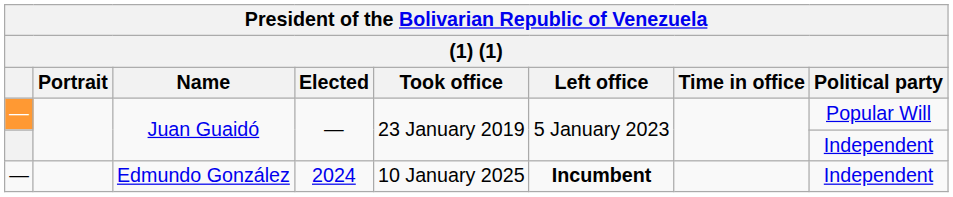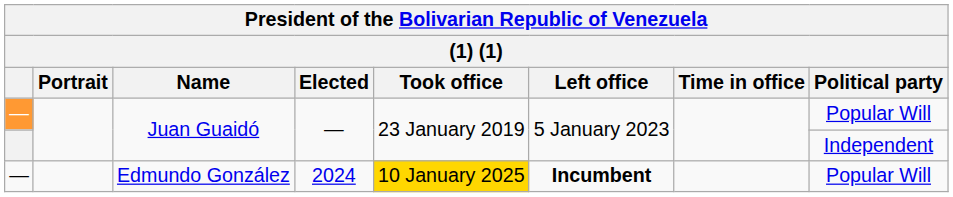 <table class="wikitable" style="text-align:center;">
 <tr>
 <th colspan="8"> President of the <a href='#'>Bolivarian Republic of Venezuela</a> </th>
 </tr>
 <tr>
 <th colspan="8">(1) (1)</th>
 </tr>
 <tr>
 <th><br></th>
 <th>Portrait</th>
 <th>Name<br></th>
 <th>Elected</th>
 <th>Took office</th>
 <th>Left office</th>
 <th>Time in office</th>
 <th>Political party</th>
 </tr>
 <tr>
 <td style="background:#FF9933; color:white;">—</td>
 <td rowspan="2"></td>
 <td rowspan="2"><a href='#'>Juan Guaidó</a><br></td>
 <td rowspan="2">—</td>
 <td rowspan="2">23 January 2019</td>
 <td rowspan="2">5 January 2023</td>
 <td rowspan="2"></td>
 <td><a href='#'>Popular Will</a><br></td>
 </tr>
 <tr>
 <th style="background:"></th>
 <td><a href='#'>Independent</a></td>
 </tr>
 <tr>
 <td style="background:">—</td>
 <td></td>
 <td><a href='#'>Edmundo González</a><br></td>
 <td><a href='#'>2024</a><br></td>
-<td>10 January 2025</td>
+<td style="background: gold;">10 January 2025</td>
 <td><strong>Incumbent</strong></td>
 <td></td>
-<td><a href='#'>Independent</a></td>
+<td><a href='#'>Popular Will</a><br></td>
 </tr>
 </table>
